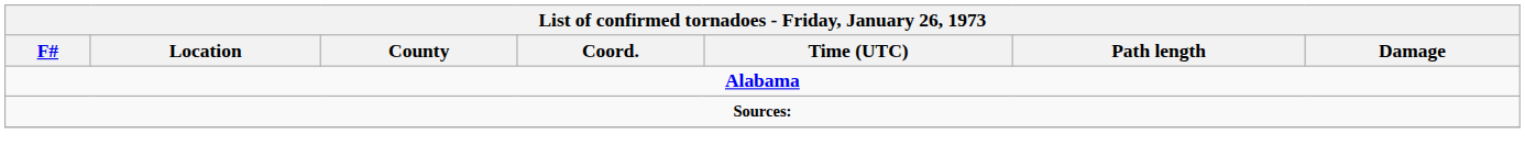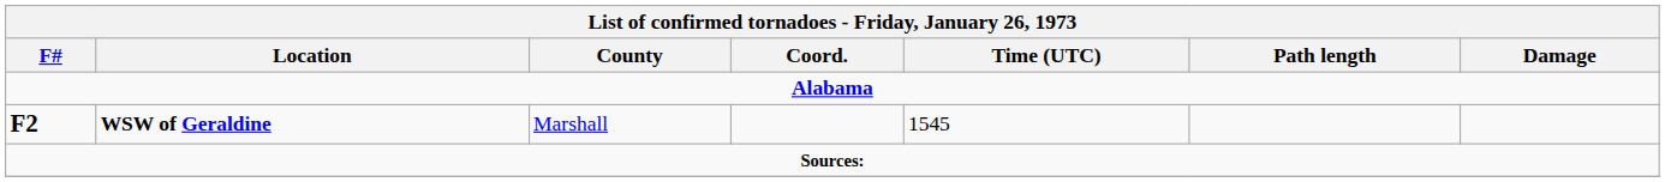 <table class="wikitable collapsible" width="100%">
 <tr>
 <th colspan="7">List of confirmed tornadoes - Friday, January 26, 1973</th>
 </tr>
 <tr>
 <th><a href='#'>F#</a></th>
 <th>Location</th>
 <th>County</th>
 <th>Coord.</th>
 <th>Time (UTC)</th>
 <th>Path length</th>
 <th>Damage</th>
 </tr>
 <tr>
 <td colspan="7" align=center><strong><a href='#'>Alabama</a></strong></td>
 </tr>
 <tr>
+<td><big><strong>F2</strong></big></td>
+<td><strong>WSW of <a href='#'>Geraldine</a></strong></td>
+<td><a href='#'>Marshall</a></td>
+<td></td>
+<td>1545</td>
+<td></td>
+<td></td>
+</tr>
+<tr>
 <td colspan="7" align=center><small><strong>Sources:</strong> </small></td>
 </tr>
 <tr>
 </tr>
 </table>
